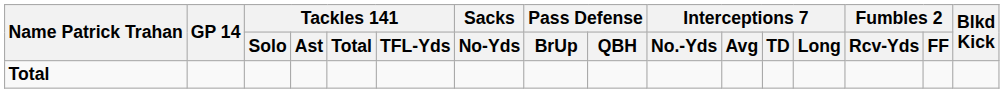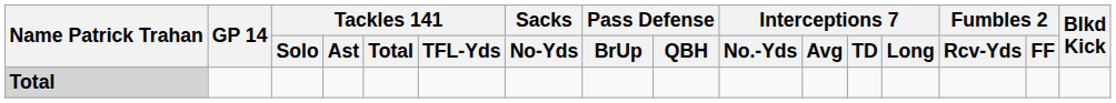 <table class="wikitable" style="white-space:nowrap;">
 <tr>
 <th rowspan="2">Name Patrick Trahan</th>
 <th rowspan="2">GP 14</th>
 <th colspan="4">Tackles 141</th>
 <th>Sacks</th>
 <th colspan="2">Pass Defense</th>
 <th colspan="4">Interceptions 7</th>
 <th colspan="2">Fumbles 2</th>
 <th rowspan="2">Blkd<br>Kick</th>
 </tr>
 <tr>
 <th>Solo</th>
 <th>Ast</th>
 <th>Total</th>
 <th>TFL-Yds</th>
 <th>No-Yds</th>
 <th>BrUp</th>
 <th>QBH</th>
 <th>No.-Yds</th>
 <th>Avg</th>
 <th>TD</th>
 <th>Long</th>
 <th>Rcv-Yds</th>
 <th>FF</th>
 </tr>
 <tr>
-<td><strong>Total</strong></td>
+<td style="background: lightgrey;"><strong>Total</strong></td>
 <td></td>
 <td></td>
 <td></td>
 <td></td>
 <td></td>
 <td></td>
 <td></td>
 <td></td>
 <td></td>
 <td></td>
 <td></td>
 <td></td>
 <td></td>
 <td></td>
 <td></td>
 </tr>
 </table>
